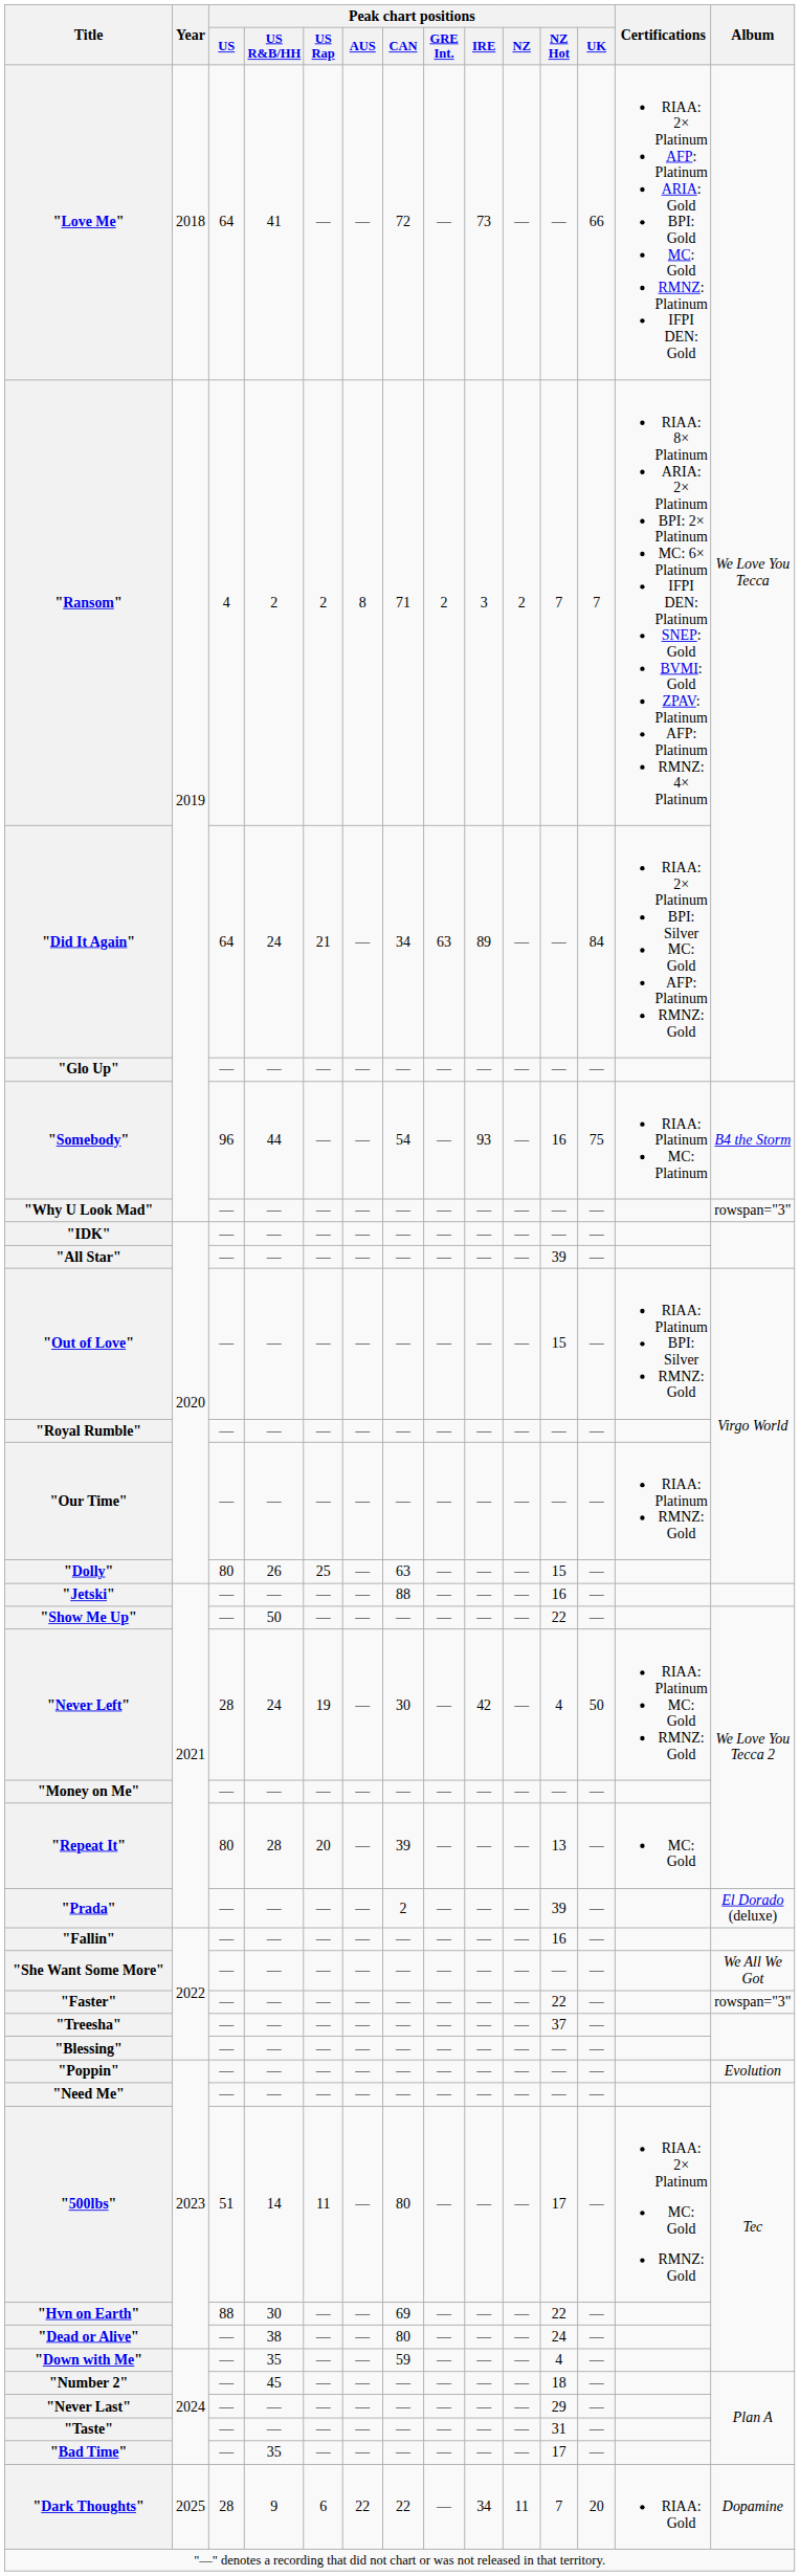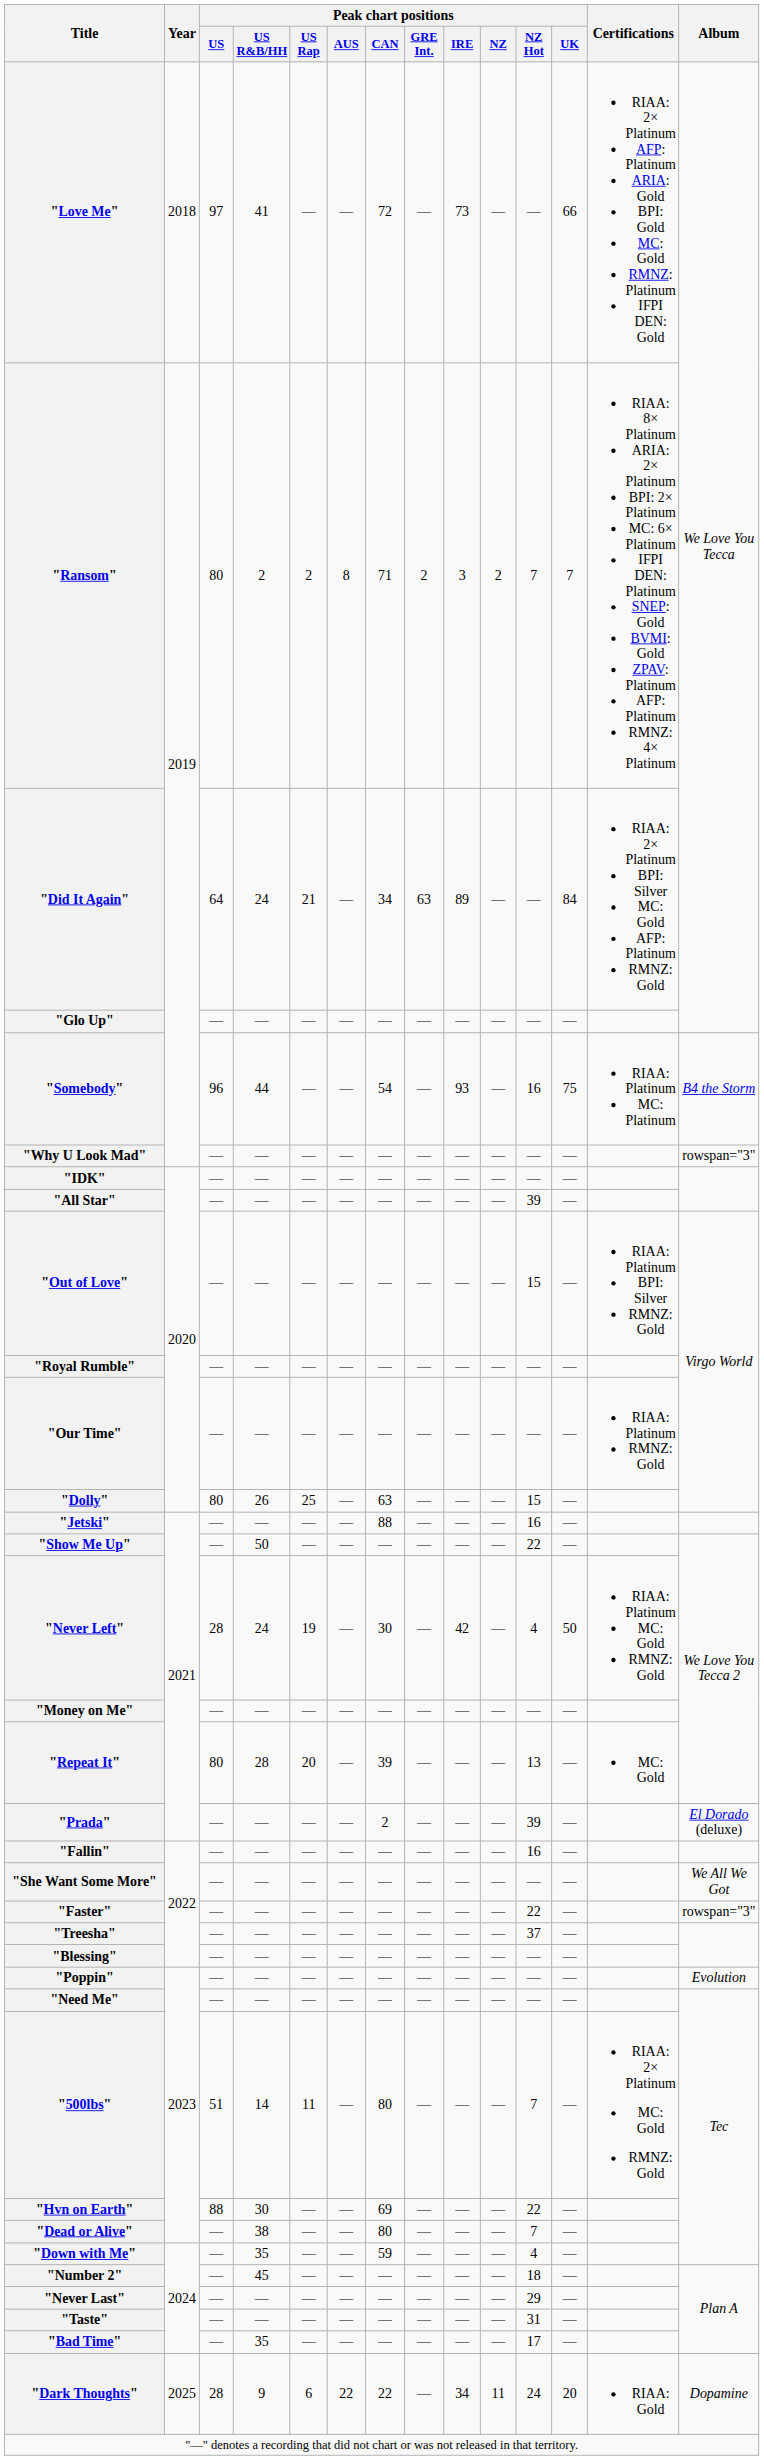 <table class="wikitable plainrowheaders" style="text-align:center">
 <tr>
 <th scope="col" rowspan="2" style="width:15em;">Title</th>
 <th scope="col" rowspan="2">Year</th>
 <th scope="col" colspan="10">Peak chart positions</th>
 <th scope="col" rowspan="2">Certifications</th>
 <th scope="col" rowspan="2">Album</th>
 </tr>
 <tr>
 <th scope="col" style="width:3em;font-size:90%;"><a href='#'>US</a><br></th>
 <th scope="col" style="width:3em;font-size:90%;"><a href='#'>US<br>R&B/HH</a><br></th>
 <th scope="col" style="width:3em;font-size:90%;"><a href='#'>US<br>Rap</a><br></th>
 <th scope="col" style="width:3em;font-size:90%;"><a href='#'>AUS</a><br></th>
 <th scope="col" style="width:3em;font-size:90%;"><a href='#'>CAN</a><br></th>
 <th scope="col" style="width:3em;font-size:90%;"><a href='#'>GRE<br>Int.</a><br></th>
 <th scope="col" style="width:3em;font-size:90%;"><a href='#'>IRE</a><br></th>
 <th scope="col" style="width:3em;font-size:90%;"><a href='#'>NZ</a><br></th>
 <th scope="col" style="width:3em;font-size:90%;"><a href='#'>NZ<br>Hot</a><br></th>
 <th scope="col" style="width:3em;font-size:90%;"><a href='#'>UK</a><br></th>
 </tr>
 <tr>
 <th scope="row">"<a href='#'>Love Me</a>"</th>
 <td>2018</td>
-<td>64</td>
+<td>97</td>
 <td>41</td>
 <td>—</td>
 <td>—</td>
 <td>72</td>
 <td>—</td>
 <td>73</td>
 <td>—</td>
 <td>—</td>
 <td>66</td>
 <td><br><ul><li>RIAA: 2× Platinum</li><li><a href='#'>AFP</a>: Platinum</li><li><a href='#'>ARIA</a>: Gold</li><li>BPI: Gold</li><li><a href='#'>MC</a>: Gold</li><li><a href='#'>RMNZ</a>: Platinum</li><li>IFPI DEN: Gold</li></ul></td>
 <td rowspan="4"><em>We Love You Tecca</em></td>
 </tr>
 <tr>
 <th scope="row">"<a href='#'>Ransom</a>"<br></th>
 <td rowspan="5">2019</td>
-<td>4</td>
+<td>80</td>
 <td>2</td>
 <td>2</td>
 <td>8</td>
 <td>71</td>
 <td>2</td>
 <td>3</td>
 <td>2</td>
 <td>7</td>
 <td>7</td>
 <td><br><ul><li>RIAA: 8× Platinum</li><li>ARIA: 2× Platinum</li><li>BPI: 2× Platinum</li><li>MC: 6× Platinum</li><li>IFPI DEN: Platinum</li><li><a href='#'>SNEP</a>: Gold</li><li><a href='#'>BVMI</a>: Gold</li><li><a href='#'>ZPAV</a>: Platinum</li><li>AFP: Platinum</li><li>RMNZ: 4× Platinum</li></ul></td>
 </tr>
 <tr>
 <th scope="row">"<a href='#'>Did It Again</a>"</th>
 <td>64</td>
 <td>24</td>
 <td>21</td>
 <td>—</td>
 <td>34</td>
 <td>63</td>
 <td>89</td>
 <td>—</td>
 <td>—</td>
 <td>84</td>
 <td><br><ul><li>RIAA: 2× Platinum</li><li>BPI: Silver</li><li>MC: Gold</li><li>AFP: Platinum</li><li>RMNZ: Gold</li></ul></td>
 </tr>
 <tr>
 <th scope="row">"Glo Up"</th>
 <td>—</td>
 <td>—</td>
 <td>—</td>
 <td>—</td>
 <td>—</td>
 <td>—</td>
 <td>—</td>
 <td>—</td>
 <td>—</td>
 <td>—</td>
 <td></td>
 </tr>
 <tr>
 <th scope="row">"<a href='#'>Somebody</a>"<br></th>
 <td>96</td>
 <td>44</td>
 <td>—</td>
 <td>—</td>
 <td>54</td>
 <td>—</td>
 <td>93</td>
 <td>—</td>
 <td>16</td>
 <td>75</td>
 <td><br><ul><li>RIAA: Platinum</li><li>MC: Platinum</li></ul></td>
 <td><em><a href='#'>B4 the Storm</a></em></td>
 </tr>
 <tr>
 <th scope="row">"Why U Look Mad"</th>
 <td>—</td>
 <td>—</td>
 <td>—</td>
 <td>—</td>
 <td>—</td>
 <td>—</td>
 <td>—</td>
 <td>—</td>
 <td>—</td>
 <td>—</td>
 <td></td>
 <td>rowspan="3" </td>
 </tr>
 <tr>
 <th scope="row">"IDK"</th>
 <td rowspan="6">2020</td>
 <td>—</td>
 <td>—</td>
 <td>—</td>
 <td>—</td>
 <td>—</td>
 <td>—</td>
 <td>—</td>
 <td>—</td>
 <td>—</td>
 <td>—</td>
 <td></td>
 </tr>
 <tr>
 <th scope="row">"All Star"<br></th>
 <td>—</td>
 <td>—</td>
 <td>—</td>
 <td>—</td>
 <td>—</td>
 <td>—</td>
 <td>—</td>
 <td>—</td>
 <td>39</td>
 <td>—</td>
 <td></td>
 </tr>
 <tr>
 <th scope="row">"<a href='#'>Out of Love</a>"<br></th>
 <td>—</td>
 <td>—</td>
 <td>—</td>
 <td>—</td>
 <td>—</td>
 <td>—</td>
 <td>—</td>
 <td>—</td>
 <td>15</td>
 <td>—</td>
 <td><br><ul><li>RIAA: Platinum</li><li>BPI: Silver</li><li>RMNZ: Gold</li></ul></td>
 <td rowspan="4"><em>Virgo World</em></td>
 </tr>
 <tr>
 <th scope="row">"Royal Rumble"</th>
 <td>—</td>
 <td>—</td>
 <td>—</td>
 <td>—</td>
 <td>—</td>
 <td>—</td>
 <td>—</td>
 <td>—</td>
 <td>—</td>
 <td>—</td>
 <td></td>
 </tr>
 <tr>
 <th scope="row">"Our Time"</th>
 <td>—</td>
 <td>—</td>
 <td>—</td>
 <td>—</td>
 <td>—</td>
 <td>—</td>
 <td>—</td>
 <td>—</td>
 <td>—</td>
 <td>—</td>
 <td><br><ul><li>RIAA: Platinum</li><li>RMNZ: Gold</li></ul></td>
 </tr>
 <tr>
 <th scope="row">"<a href='#'>Dolly</a>"<br></th>
 <td>80</td>
 <td>26</td>
 <td>25</td>
 <td>—</td>
 <td>63</td>
 <td>—</td>
 <td>—</td>
 <td>—</td>
 <td>15</td>
 <td>—</td>
 <td></td>
 </tr>
 <tr>
 <th scope="row">"<a href='#'>Jetski</a>"<br></th>
 <td rowspan="6">2021</td>
 <td>—</td>
 <td>—</td>
 <td>—</td>
 <td>—</td>
 <td>88</td>
 <td>—</td>
 <td>—</td>
 <td>—</td>
 <td>16</td>
 <td>—</td>
 <td></td>
 <td></td>
 </tr>
 <tr>
 <th scope="row">"<a href='#'>Show Me Up</a>"</th>
 <td>—</td>
 <td>50</td>
 <td>—</td>
 <td>—</td>
 <td>—</td>
 <td>—</td>
 <td>—</td>
 <td>—</td>
 <td>22</td>
 <td>—</td>
 <td></td>
 <td rowspan="4"><em>We Love You Tecca 2</em></td>
 </tr>
 <tr>
 <th scope="row">"<a href='#'>Never Left</a>"</th>
 <td>28</td>
 <td>24</td>
 <td>19</td>
 <td>—</td>
 <td>30</td>
 <td>—</td>
 <td>42</td>
 <td>—</td>
 <td>4</td>
 <td>50</td>
 <td><br><ul><li>RIAA: Platinum</li><li>MC: Gold</li><li>RMNZ: Gold</li></ul></td>
 </tr>
 <tr>
 <th scope="row">"Money on Me"</th>
 <td>—</td>
 <td>—</td>
 <td>—</td>
 <td>—</td>
 <td>—</td>
 <td>—</td>
 <td>—</td>
 <td>—</td>
 <td>—</td>
 <td>—</td>
 <td></td>
 </tr>
 <tr>
 <th scope="row">"<a href='#'>Repeat It</a>"<br></th>
 <td>80</td>
 <td>28</td>
 <td>20</td>
 <td>—</td>
 <td>39</td>
 <td>—</td>
 <td>—</td>
 <td>—</td>
 <td>13</td>
 <td>—</td>
 <td><br><ul><li>MC: Gold</li></ul></td>
 </tr>
 <tr>
 <th scope="row">"<a href='#'>Prada</a>"<br></th>
 <td>—</td>
 <td>—</td>
 <td>—</td>
 <td>—</td>
 <td>2</td>
 <td>—</td>
 <td>—</td>
 <td>—</td>
 <td>39</td>
 <td>—</td>
 <td></td>
 <td><em><a href='#'>El Dorado</a></em> (deluxe)</td>
 </tr>
 <tr>
 <th scope="row">"Fallin"</th>
 <td rowspan="5">2022</td>
 <td>—</td>
 <td>—</td>
 <td>—</td>
 <td>—</td>
 <td>—</td>
 <td>—</td>
 <td>—</td>
 <td>—</td>
 <td>16</td>
 <td>—</td>
 <td></td>
 <td></td>
 </tr>
 <tr>
 <th scope="row">"She Want Some More"<br></th>
 <td>—</td>
 <td>—</td>
 <td>—</td>
 <td>—</td>
 <td>—</td>
 <td>—</td>
 <td>—</td>
 <td>—</td>
 <td>—</td>
 <td>—</td>
 <td></td>
 <td><em>We All We Got</em></td>
 </tr>
 <tr>
 <th scope="row">"Faster"</th>
 <td>—</td>
 <td>—</td>
 <td>—</td>
 <td>—</td>
 <td>—</td>
 <td>—</td>
 <td>—</td>
 <td>—</td>
 <td>22</td>
 <td>—</td>
 <td></td>
 <td>rowspan="3" </td>
 </tr>
 <tr>
 <th scope="row">"Treesha"</th>
 <td>—</td>
 <td>—</td>
 <td>—</td>
 <td>—</td>
 <td>—</td>
 <td>—</td>
 <td>—</td>
 <td>—</td>
 <td>37</td>
 <td>—</td>
 <td></td>
 </tr>
 <tr>
 <th scope="row">"Blessing"</th>
 <td>—</td>
 <td>—</td>
 <td>—</td>
 <td>—</td>
 <td>—</td>
 <td>—</td>
 <td>—</td>
 <td>—</td>
 <td>—</td>
 <td>—</td>
 <td></td>
 </tr>
 <tr>
 <th scope="row">"Poppin"<br></th>
 <td rowspan="5">2023</td>
 <td>—</td>
 <td>—</td>
 <td>—</td>
 <td>—</td>
 <td>—</td>
 <td>—</td>
 <td>—</td>
 <td>—</td>
 <td>—</td>
 <td>—</td>
 <td></td>
 <td><em>Evolution</em></td>
 </tr>
 <tr>
 <th scope="row">"Need Me"</th>
 <td>—</td>
 <td>—</td>
 <td>—</td>
 <td>—</td>
 <td>—</td>
 <td>—</td>
 <td>—</td>
 <td>—</td>
 <td>—</td>
 <td>—</td>
 <td></td>
 <td rowspan="5"><em>Tec</em></td>
 </tr>
 <tr>
 <th scope="row">"<a href='#'>500lbs</a>"</th>
 <td>51</td>
 <td>14</td>
 <td>11</td>
 <td>—</td>
 <td>80</td>
 <td>—</td>
 <td>—</td>
 <td>—</td>
-<td>17</td>
+<td>7</td>
 <td>—</td>
 <td><br><ul><li>RIAA: 2× Platinum</li></ul><ul><li>MC: Gold</li></ul><ul><li>RMNZ: Gold</li></ul></td>
 </tr>
 <tr>
 <th scope="row">"<a href='#'>Hvn on Earth</a>"<br></th>
 <td>88</td>
 <td>30</td>
 <td>—</td>
 <td>—</td>
 <td>69</td>
 <td>—</td>
 <td>—</td>
 <td>—</td>
 <td>22</td>
 <td>—</td>
 <td></td>
 </tr>
 <tr>
 <th scope="row">"<a href='#'>Dead or Alive</a>"</th>
 <td>—</td>
 <td>38</td>
 <td>—</td>
 <td>—</td>
 <td>80</td>
 <td>—</td>
 <td>—</td>
 <td>—</td>
-<td>24</td>
+<td>7</td>
 <td>—</td>
 <td></td>
 </tr>
 <tr>
 <th scope="row">"<a href='#'>Down with Me</a>"</th>
 <td rowspan="5">2024</td>
 <td>—</td>
 <td>35</td>
 <td>—</td>
 <td>—</td>
 <td>59</td>
 <td>—</td>
 <td>—</td>
 <td>—</td>
 <td>4</td>
 <td>—</td>
 <td></td>
 </tr>
 <tr>
 <th scope="row">"Number 2"</th>
 <td>—</td>
 <td>45</td>
 <td>—</td>
 <td>—</td>
 <td>—</td>
 <td>—</td>
 <td>—</td>
 <td>—</td>
 <td>18</td>
 <td>—</td>
 <td></td>
 <td rowspan="4"><em>Plan A</em></td>
 </tr>
 <tr>
 <th scope="row">"Never Last"</th>
 <td>—</td>
 <td>—</td>
 <td>—</td>
 <td>—</td>
 <td>—</td>
 <td>—</td>
 <td>—</td>
 <td>—</td>
 <td>29</td>
 <td>—</td>
 <td></td>
 </tr>
 <tr>
 <th scope="row">"Taste"</th>
 <td>—</td>
 <td>—</td>
 <td>—</td>
 <td>—</td>
 <td>—</td>
 <td>—</td>
 <td>—</td>
 <td>—</td>
 <td>31</td>
 <td>—</td>
 <td></td>
 </tr>
 <tr>
 <th scope="row">"<a href='#'>Bad Time</a>"</th>
 <td>—</td>
 <td>35</td>
 <td>—</td>
 <td>—</td>
 <td>—</td>
 <td>—</td>
 <td>—</td>
 <td>—</td>
 <td>17</td>
 <td>—</td>
 <td></td>
 </tr>
 <tr>
 <th scope="row">"<a href='#'>Dark Thoughts</a>"</th>
 <td>2025</td>
 <td>28</td>
 <td>9</td>
 <td>6</td>
 <td>22<br></td>
 <td>22</td>
 <td>—</td>
 <td>34<br></td>
 <td>11</td>
-<td>7</td>
+<td>24</td>
 <td>20</td>
 <td><br><ul><li>RIAA: Gold</li></ul></td>
 <td><em>Dopamine</em></td>
 </tr>
 <tr>
 <td colspan="14" style="font-size:90%">"—" denotes a recording that did not chart or was not released in that territory.</td>
 </tr>
 </table>
